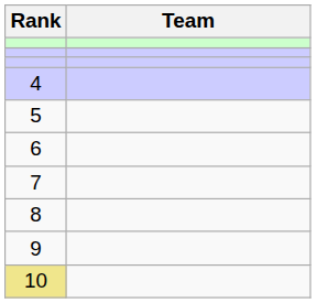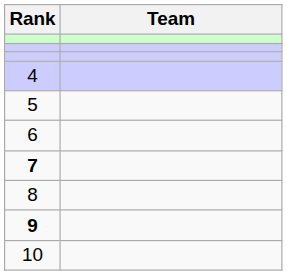 <table class="wikitable" style="text-align: left;">
 <tr>
 <th width=40>Rank</th>
 <th width=180>Team</th>
 </tr>
 <tr bgcolor=ccffcc>
 <td style="text-align: center;"></td>
 <td></td>
 </tr>
 <tr bgcolor=ccccff>
 <td style="text-align: center;"></td>
 <td></td>
 </tr>
 <tr bgcolor=ccccff>
 <td style="text-align: center;"></td>
 <td></td>
 </tr>
 <tr bgcolor=ccccff>
 <td style="text-align: center;">4</td>
 <td></td>
 </tr>
 <tr>
 <td style="text-align: center;">5</td>
 <td></td>
 </tr>
 <tr>
 <td style="text-align: center;">6</td>
 <td></td>
 </tr>
 <tr>
-<td style="text-align: center;">7</td>
+<td style="text-align: center;"><strong>7</strong></td>
 <td></td>
 </tr>
 <tr>
 <td style="text-align: center;">8</td>
 <td></td>
 </tr>
 <tr>
-<td style="text-align: center;">9</td>
+<td style="text-align: center;"><strong>9</strong></td>
 <td></td>
 </tr>
 <tr>
-<td style="background: khaki; text-align: center;">10</td>
+<td style="text-align: center;">10</td>
 <td></td>
 </tr>
 </table>
